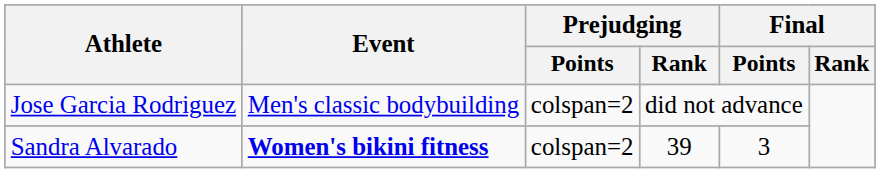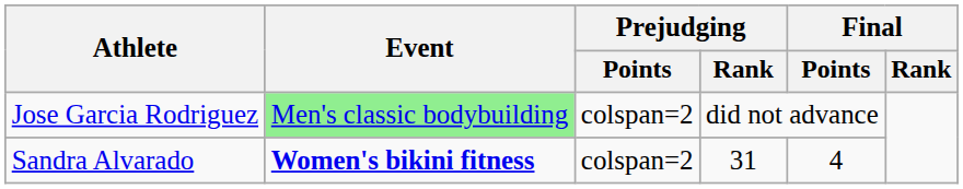 <table class=wikitable style="font-size:90%">
 <tr>
 <th rowspan="2">Athlete</th>
 <th rowspan="2">Event</th>
 <th colspan="2">Prejudging</th>
 <th colspan="2">Final</th>
 </tr>
 <tr style="font-size:95%">
 <th>Points</th>
 <th>Rank</th>
 <th>Points</th>
 <th>Rank</th>
 </tr>
 <tr align=center>
 <td align=left><a href='#'>Jose Garcia Rodriguez</a></td>
-<td align=left><a href='#'>Men's classic bodybuilding</a></td>
+<td align=left style="background: lightgreen;"><a href='#'>Men's classic bodybuilding</a></td>
 <td>colspan=2 </td>
 <td colspan=2>did not advance</td>
 </tr>
 <tr align=center>
 <td align=left><a href='#'>Sandra Alvarado</a></td>
 <td align=left><strong><a href='#'>Women's bikini fitness</a></strong></td>
 <td>colspan=2 </td>
-<td>39</td>
-<td>3</td>
+<td>31</td>
+<td>4</td>
 </tr>
 </table>
